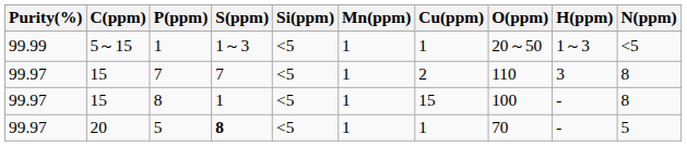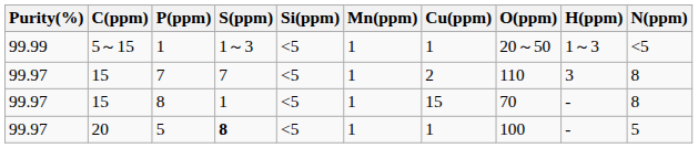 <table class="wikitable">
 <tr>
 <th>Purity(%)</th>
 <th>C(ppm)</th>
 <th>P(ppm)</th>
 <th>S(ppm)</th>
 <th>Si(ppm)</th>
 <th>Mn(ppm)</th>
 <th>Cu(ppm)</th>
 <th>O(ppm)</th>
 <th>H(ppm)</th>
 <th>N(ppm)</th>
 </tr>
 <tr>
 <td>99.99</td>
 <td>5～15</td>
 <td>1</td>
 <td>1～3</td>
 <td><5</td>
 <td>1</td>
 <td>1</td>
 <td>20～50</td>
 <td>1～3</td>
 <td><5</td>
 </tr>
 <tr>
 <td>99.97</td>
 <td>15</td>
 <td>7</td>
 <td>7</td>
 <td><5</td>
 <td>1</td>
 <td>2</td>
 <td>110</td>
 <td>3</td>
 <td>8</td>
 </tr>
 <tr>
 <td>99.97</td>
 <td>15</td>
 <td>8</td>
 <td>1</td>
 <td><5</td>
 <td>1</td>
 <td>15</td>
-<td>100</td>
+<td>70</td>
 <td>-</td>
 <td>8</td>
 </tr>
 <tr>
 <td>99.97</td>
 <td>20</td>
 <td>5</td>
 <td><strong>8</strong></td>
 <td><5</td>
 <td>1</td>
 <td>1</td>
-<td>70</td>
+<td>100</td>
 <td>-</td>
 <td>5</td>
 </tr>
 </table>
